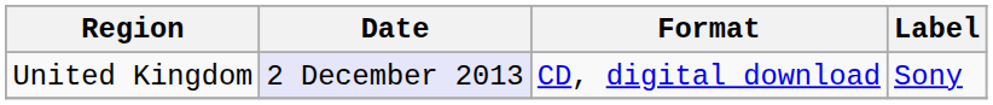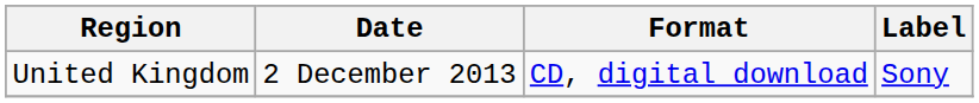 <table class=wikitable>
 <tr>
 <th>Region</th>
 <th>Date</th>
 <th>Format</th>
 <th>Label</th>
 </tr>
 <tr>
 <td>United Kingdom</td>
-<td style="background: lavender;">2 December 2013</td>
+<td>2 December 2013</td>
 <td><a href='#'>CD</a>, <a href='#'>digital download</a></td>
 <td><a href='#'>Sony</a></td>
 </tr>
 <tr>
 </tr>
 </table>
